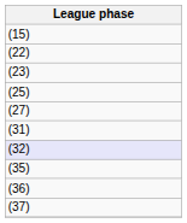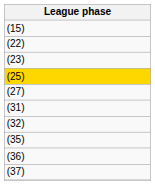 <table class="wikitable">
 <tr>
 <th width=225>League phase</th>
 </tr>
 <tr>
 <td><s></s> (15)</td>
 </tr>
 <tr>
 <td> (22)</td>
 </tr>
 <tr>
 <td> (23)</td>
 </tr>
 <tr>
-<td> (25)</td>
+<td style="background: gold;"> (25)</td>
 </tr>
 <tr>
 <td> (27)</td>
 </tr>
 <tr>
 <td> (31)</td>
 </tr>
 <tr>
-<td style="background: lavender;"> (32)</td>
+<td> (32)</td>
 </tr>
 <tr>
 <td> (35)</td>
 </tr>
 <tr>
 <td> (36)</td>
 </tr>
 <tr>
 <td> (37)</td>
 </tr>
 <tr>
 </tr>
 </table>
